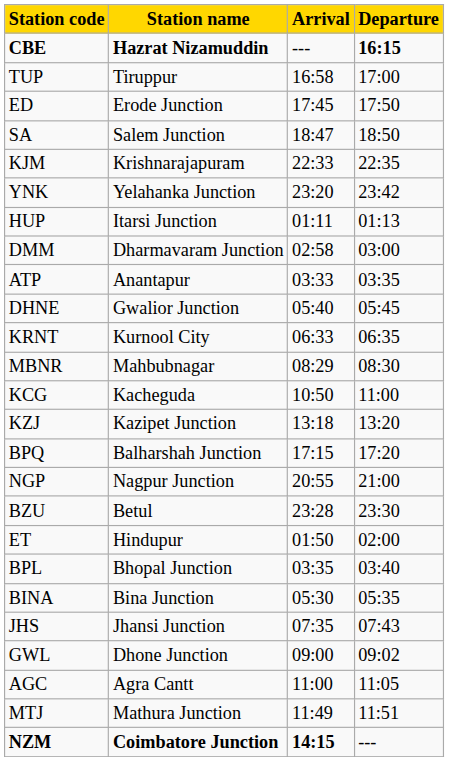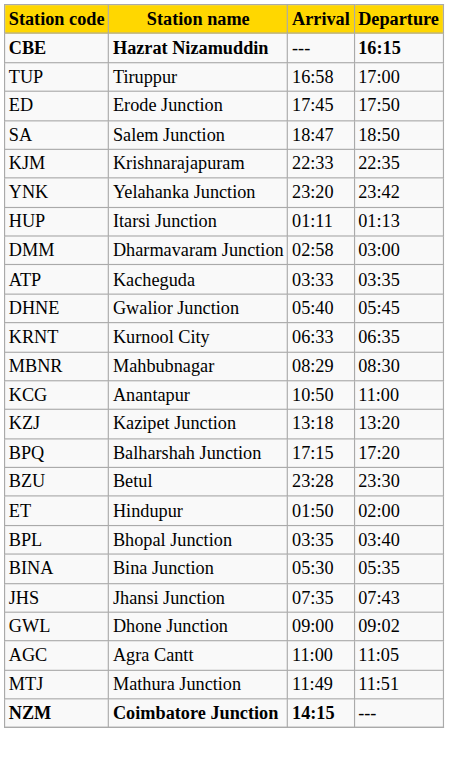 <table class="wikitable">
 <tr>
 <th style="background:gold;">Station code</th>
 <th ! style="background:gold;">Station name</th>
 <th ! style="background:gold;">Arrival</th>
 <th ! style="background:gold;">Departure</th>
 </tr>
 <tr>
 <td><strong>CBE</strong></td>
 <td><strong>Hazrat Nizamuddin</strong></td>
 <td>---</td>
 <td><strong>16:15</strong></td>
 </tr>
 <tr>
 <td>TUP</td>
 <td>Tiruppur</td>
 <td>16:58</td>
 <td>17:00</td>
 </tr>
 <tr>
 <td>ED</td>
 <td>Erode Junction</td>
 <td>17:45</td>
 <td>17:50</td>
 </tr>
 <tr>
 <td>SA</td>
 <td>Salem Junction</td>
 <td>18:47</td>
 <td>18:50</td>
 </tr>
 <tr>
 <td>KJM</td>
 <td>Krishnarajapuram</td>
 <td>22:33</td>
 <td>22:35</td>
 </tr>
 <tr>
 <td>YNK</td>
 <td>Yelahanka Junction</td>
 <td>23:20</td>
 <td>23:42</td>
 </tr>
 <tr>
 <td>HUP</td>
 <td>Itarsi Junction</td>
 <td>01:11</td>
 <td>01:13</td>
 </tr>
 <tr>
 <td>DMM</td>
 <td>Dharmavaram Junction</td>
 <td>02:58</td>
 <td>03:00</td>
 </tr>
 <tr>
 <td>ATP</td>
-<td>Anantapur</td>
+<td>Kacheguda</td>
 <td>03:33</td>
 <td>03:35</td>
 </tr>
 <tr>
 <td>DHNE</td>
 <td>Gwalior Junction</td>
 <td>05:40</td>
 <td>05:45</td>
 </tr>
 <tr>
 <td>KRNT</td>
 <td>Kurnool City</td>
 <td>06:33</td>
 <td>06:35</td>
 </tr>
 <tr>
 <td>MBNR</td>
 <td>Mahbubnagar</td>
 <td>08:29</td>
 <td>08:30</td>
 </tr>
 <tr>
 <td>KCG</td>
-<td>Kacheguda</td>
+<td>Anantapur</td>
 <td>10:50</td>
 <td>11:00</td>
 </tr>
 <tr>
 <td>KZJ</td>
 <td>Kazipet Junction</td>
 <td>13:18</td>
 <td>13:20</td>
 </tr>
 <tr>
 <td>BPQ</td>
 <td>Balharshah Junction</td>
 <td>17:15</td>
 <td>17:20</td>
-</tr>
-<tr>
-<td>NGP</td>
-<td>Nagpur Junction</td>
-<td>20:55</td>
-<td>21:00</td>
 </tr>
 <tr>
 <td>BZU</td>
 <td>Betul</td>
 <td>23:28</td>
 <td>23:30</td>
 </tr>
 <tr>
 <td>ET</td>
 <td>Hindupur</td>
 <td>01:50</td>
 <td>02:00</td>
 </tr>
 <tr>
 <td>BPL</td>
 <td>Bhopal Junction</td>
 <td>03:35</td>
 <td>03:40</td>
 </tr>
 <tr>
 <td>BINA</td>
 <td>Bina Junction</td>
 <td>05:30</td>
 <td>05:35</td>
 </tr>
 <tr>
 <td>JHS</td>
 <td>Jhansi Junction</td>
 <td>07:35</td>
 <td>07:43</td>
 </tr>
 <tr>
 <td>GWL</td>
 <td>Dhone Junction</td>
 <td>09:00</td>
 <td>09:02</td>
 </tr>
 <tr>
 <td>AGC</td>
 <td>Agra Cantt</td>
 <td>11:00</td>
 <td>11:05</td>
 </tr>
 <tr>
 <td>MTJ</td>
 <td>Mathura Junction</td>
 <td>11:49</td>
 <td>11:51</td>
 </tr>
 <tr>
 <td><strong>NZM</strong></td>
 <td><strong>Coimbatore Junction</strong></td>
 <td><strong>14:15</strong></td>
 <td>---</td>
 </tr>
 <tr>
 </tr>
 </table>
